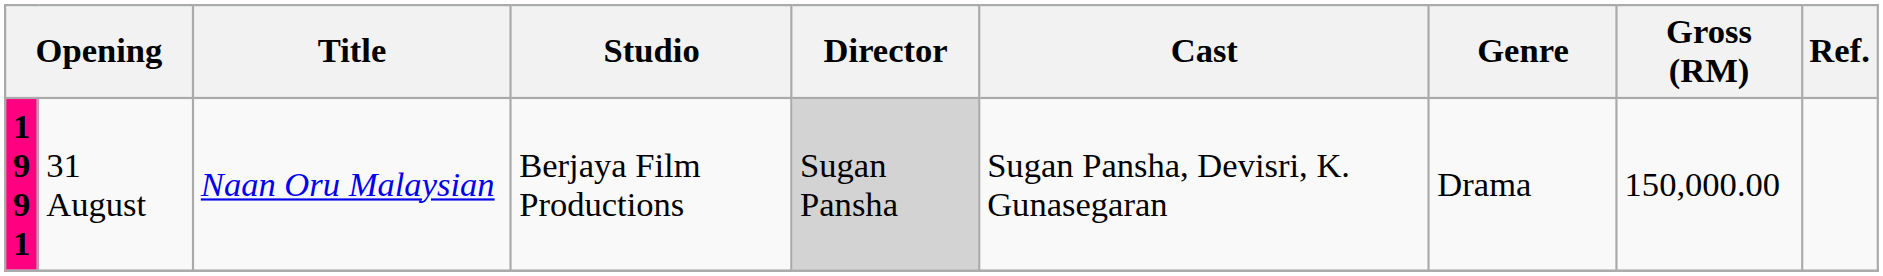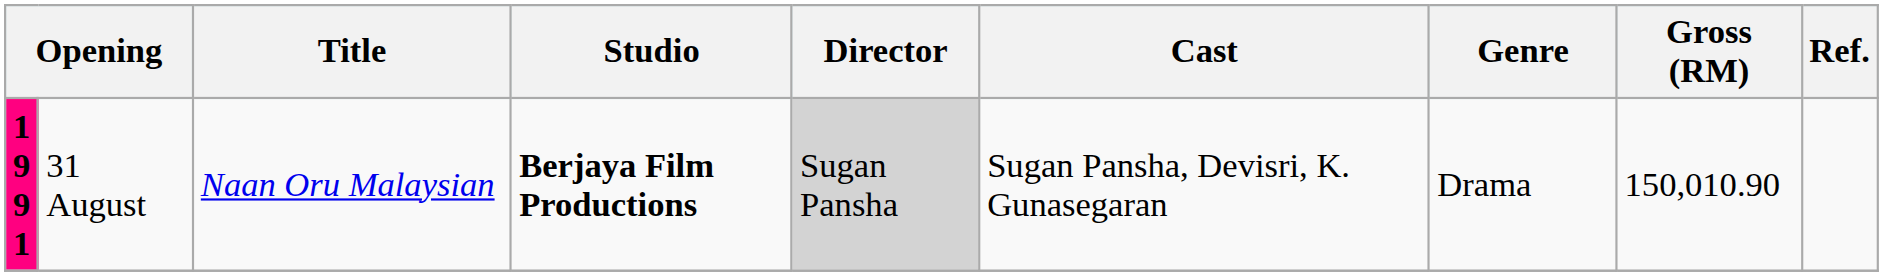 <table class="wikitable">
 <tr style="background:#b0e0e6; text-align:center;">
 <th colspan="2" ; style="width:10%;">Opening</th>
 <th style="width:17%;">Title</th>
 <th style="width:15%;">Studio</th>
 <th>Director</th>
 <th>Cast</th>
 <th style="width:10%;">Genre</th>
 <th>Gross (RM)</th>
 <th>Ref.</th>
 </tr>
 <tr>
 <th rowspan="1" style="text-align:center; background:#ff0080; textcolor:#000;">1<br>9<br>9<br>1</th>
 <td>31 August</td>
 <td><em><a href='#'>Naan Oru Malaysian</a></em></td>
-<td>Berjaya Film Productions</td>
+<td><strong>Berjaya Film Productions</strong></td>
 <td style="background: lightgrey;">Sugan Pansha</td>
 <td>Sugan Pansha, Devisri, K. Gunasegaran</td>
 <td>Drama</td>
-<td>150,000.00</td>
+<td>150,010.90</td>
 <td></td>
 </tr>
 <tr>
 </tr>
 </table>
